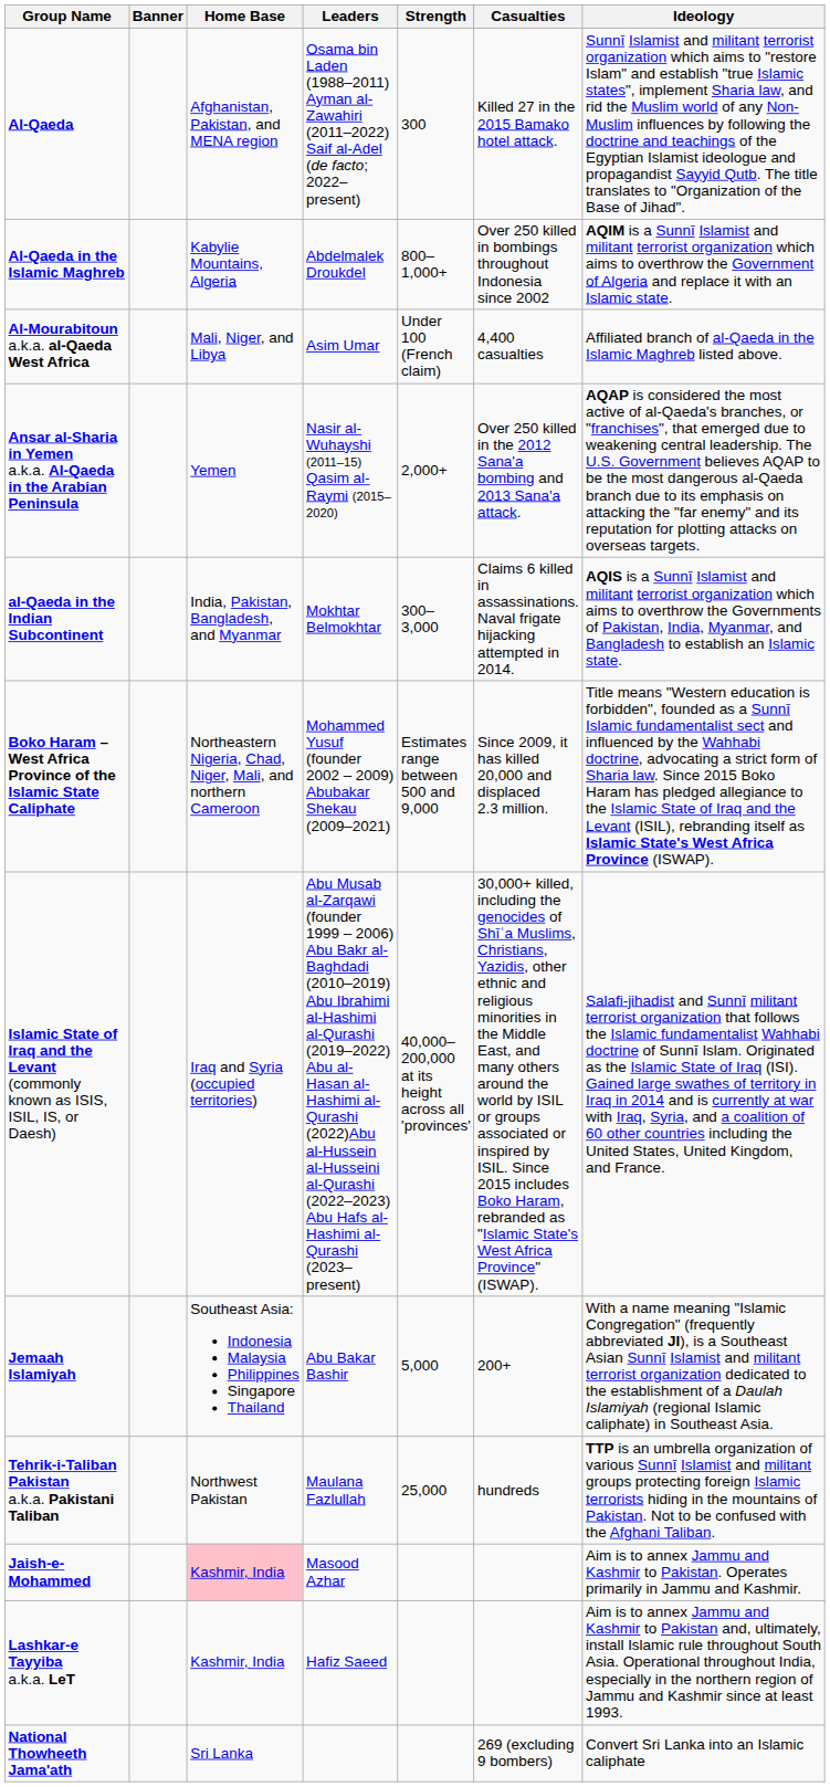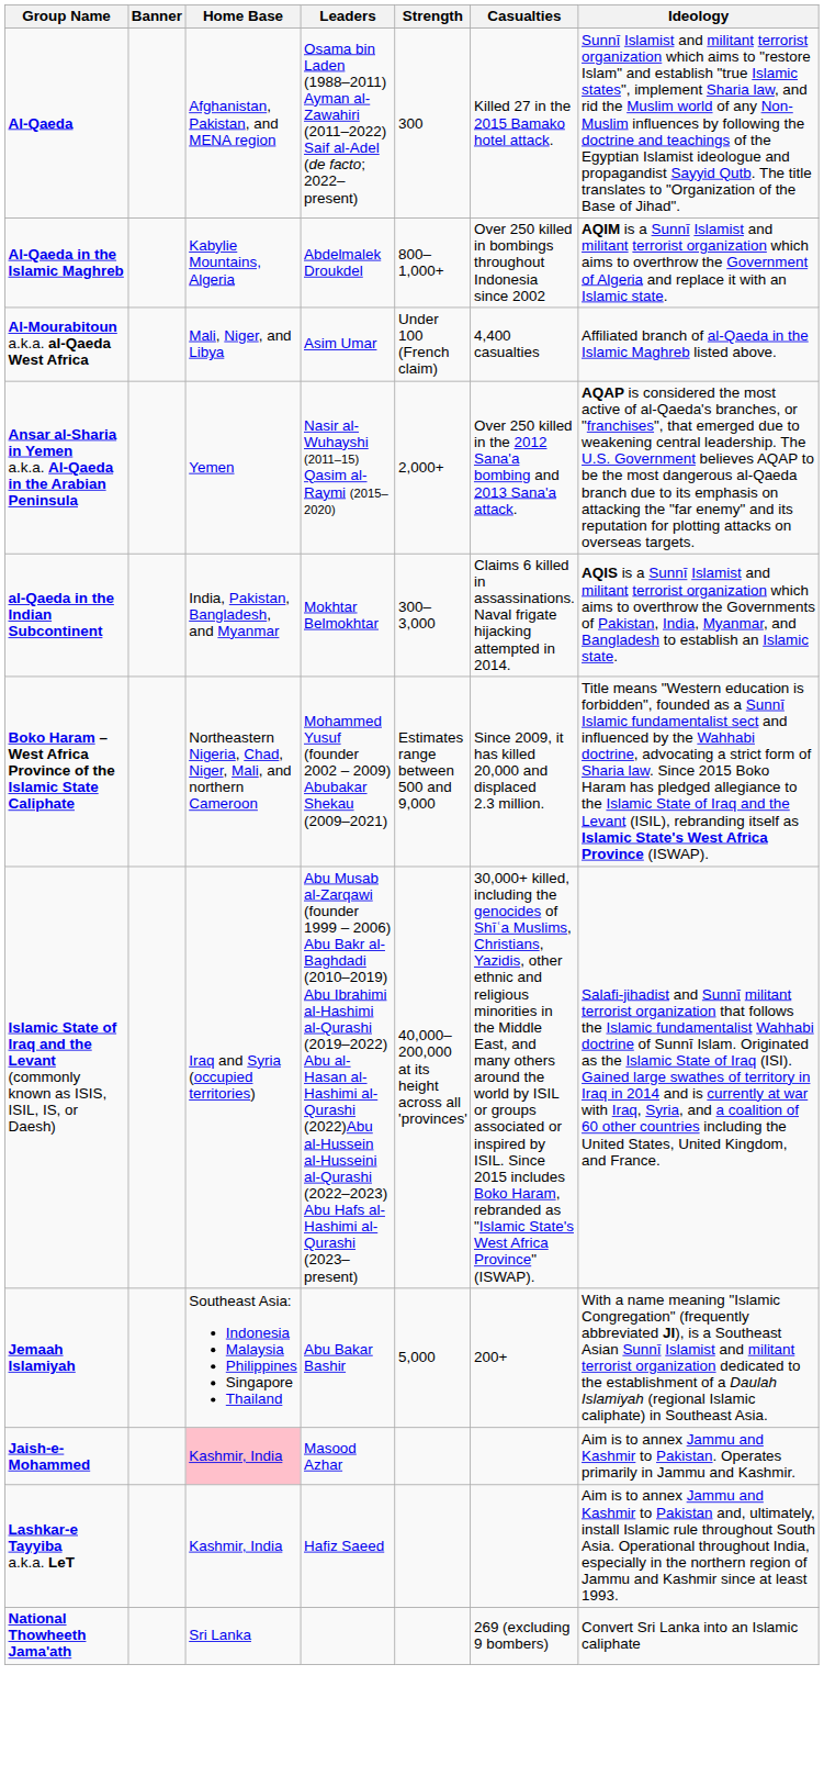 <table class="wikitable sortable" style="width:100%">
 <tr>
 <th style="width:16%;">Group Name</th>
 <th style="width:5%;">Banner</th>
 <th style="width:8%;">Home Base</th>
 <th style="width:12%;">Leaders</th>
 <th style="width:8%;">Strength</th>
 <th style="width:8%;">Casualties</th>
 <th style="width:35%;">Ideology</th>
 </tr>
 <tr>
 <td><strong><a href='#'>Al-Qaeda</a></strong></td>
 <td style="text-align:center;"></td>
 <td><a href='#'>Afghanistan</a>, <a href='#'>Pakistan</a>, and <a href='#'>MENA region</a></td>
 <td><a href='#'>Osama bin Laden</a> (1988–2011)<br><a href='#'>Ayman al-Zawahiri</a> (2011–2022)<br><a href='#'>Saif al-Adel</a> (<em>de facto</em>; 2022–present)</td>
 <td>300</td>
 <td>Killed 27 in the <a href='#'>2015 Bamako hotel attack</a>.</td>
 <td><a href='#'>Sunnī</a> <a href='#'>Islamist</a> and <a href='#'>militant</a> <a href='#'>terrorist organization</a> which aims to "restore Islam" and establish "true <a href='#'>Islamic states</a>", implement <a href='#'>Sharia law</a>, and rid the <a href='#'>Muslim world</a> of any <a href='#'>Non-Muslim</a> influences by following the <a href='#'>doctrine and teachings</a> of the Egyptian Islamist ideologue and propagandist <a href='#'>Sayyid Qutb</a>. The title translates to "Organization of the Base of Jihad".</td>
 </tr>
 <tr>
 <td><strong><a href='#'>Al-Qaeda in the Islamic Maghreb</a></strong></td>
 <td style="text-align:center;"></td>
 <td><a href='#'>Kabylie Mountains, Algeria</a></td>
 <td><a href='#'>Abdelmalek Droukdel</a></td>
 <td>800–1,000+</td>
 <td>Over 250 killed in bombings throughout Indonesia since 2002</td>
 <td><strong>AQIM</strong> is a <a href='#'>Sunnī</a> <a href='#'>Islamist</a> and <a href='#'>militant</a> <a href='#'>terrorist organization</a> which aims to overthrow the <a href='#'>Government of Algeria</a> and replace it with an <a href='#'>Islamic state</a>.</td>
 </tr>
 <tr>
 <td><strong><a href='#'>Al-Mourabitoun</a></strong><br>a.k.a. <strong>al-Qaeda West Africa</strong></td>
 <td style="text-align:center;"></td>
 <td><a href='#'>Mali</a>, <a href='#'>Niger</a>, and <a href='#'>Libya</a></td>
 <td><a href='#'>Asim Umar</a></td>
 <td>Under 100 (French claim)</td>
 <td>4,400 casualties</td>
 <td>Affiliated branch of <a href='#'>al-Qaeda in the Islamic Maghreb</a> listed above.</td>
 </tr>
 <tr>
 <td><strong><a href='#'>Ansar al-Sharia in Yemen</a></strong><br>a.k.a. <strong><a href='#'>Al-Qaeda in the Arabian Peninsula</a></strong></td>
 <td style="text-align:center;"></td>
 <td><a href='#'>Yemen</a></td>
 <td><a href='#'>Nasir al-Wuhayshi</a> <small>(2011–15)</small><br><a href='#'>Qasim al-Raymi</a> <small>(2015–2020)</small></td>
 <td>2,000+</td>
 <td>Over 250 killed in the <a href='#'>2012 Sana'a bombing</a> and <a href='#'>2013 Sana'a attack</a>.</td>
 <td><strong>AQAP</strong> is considered the most active of al-Qaeda's branches, or "<a href='#'>franchises</a>", that emerged due to weakening central leadership. The <a href='#'>U.S. Government</a> believes AQAP to be the most dangerous al-Qaeda branch due to its emphasis on attacking the "far enemy" and its reputation for plotting attacks on overseas targets.</td>
 </tr>
 <tr>
 <td><strong><a href='#'>al-Qaeda in the Indian Subcontinent</a></strong></td>
 <td style="text-align:center;"></td>
 <td>India, <a href='#'>Pakistan</a>, <a href='#'>Bangladesh</a>, and <a href='#'>Myanmar</a></td>
 <td><a href='#'>Mokhtar Belmokhtar</a></td>
 <td>300–3,000</td>
 <td>Claims 6 killed in assassinations. Naval frigate hijacking attempted in 2014.</td>
 <td><strong>AQIS</strong> is a <a href='#'>Sunnī</a> <a href='#'>Islamist</a> and <a href='#'>militant</a> <a href='#'>terrorist organization</a> which aims to overthrow the Governments of <a href='#'>Pakistan</a>, <a href='#'>India</a>, <a href='#'>Myanmar</a>, and <a href='#'>Bangladesh</a> to establish an <a href='#'>Islamic state</a>.</td>
 </tr>
 <tr>
 <td><strong><a href='#'>Boko Haram</a> – West Africa Province of the <a href='#'>Islamic State Caliphate</a></strong></td>
 <td style="text-align:center;"></td>
 <td>Northeastern <a href='#'>Nigeria</a>, <a href='#'>Chad</a>, <a href='#'>Niger</a>, <a href='#'>Mali</a>, and northern <a href='#'>Cameroon</a></td>
 <td><a href='#'>Mohammed Yusuf</a> (founder<br>2002 – 2009)<br><a href='#'>Abubakar Shekau</a> (2009–2021)</td>
 <td>Estimates range between 500 and 9,000</td>
 <td>Since 2009, it has killed 20,000 and displaced 2.3 million.</td>
 <td>Title means "Western education is forbidden", founded as a <a href='#'>Sunnī</a> <a href='#'>Islamic fundamentalist sect</a> and influenced by the <a href='#'>Wahhabi doctrine</a>, advocating a strict form of <a href='#'>Sharia law</a>. Since 2015 Boko Haram has pledged allegiance to the <a href='#'>Islamic State of Iraq and the Levant</a> (ISIL), rebranding itself as <strong><a href='#'>Islamic State's West Africa Province</a></strong> (ISWAP).</td>
 </tr>
 <tr>
 <td><strong><a href='#'>Islamic State of Iraq and the Levant</a></strong> (commonly known as ISIS, ISIL, IS, or Daesh)</td>
 <td style="text-align:center;"></td>
 <td><a href='#'>Iraq</a> and <a href='#'>Syria</a> (<a href='#'>occupied territories</a>)</td>
 <td><a href='#'>Abu Musab al-Zarqawi</a> (founder 1999 – 2006)<br><a href='#'>Abu Bakr al-Baghdadi</a> (2010–2019)<br><a href='#'>Abu Ibrahimi al-Hashimi al-Qurashi</a> (2019–2022)<br><a href='#'>Abu al-Hasan al-Hashimi al-Qurashi</a> (2022)<a href='#'>Abu al-Hussein al-Husseini al-Qurashi</a> (2022–2023) <a href='#'>Abu Hafs al-Hashimi al-Qurashi</a> (2023–present)</td>
 <td>40,000–200,000 at its height across all 'provinces'</td>
 <td>30,000+ killed, including the <a href='#'>genocides</a> of <a href='#'>Shīʿa Muslims</a>, <a href='#'>Christians</a>, <a href='#'>Yazidis</a>, other ethnic and religious minorities in the Middle East, and many others around the world by ISIL or groups associated or inspired by ISIL. Since 2015 includes <a href='#'>Boko Haram</a>, rebranded as "<a href='#'>Islamic State's West Africa Province</a>" (ISWAP).</td>
 <td><a href='#'>Salafi-jihadist</a> and <a href='#'>Sunnī</a> <a href='#'>militant</a> <a href='#'>terrorist organization</a> that follows the <a href='#'>Islamic fundamentalist</a> <a href='#'>Wahhabi doctrine</a> of Sunnī Islam. Originated as the <a href='#'>Islamic State of Iraq</a> (ISI). <a href='#'>Gained large swathes of territory in Iraq in 2014</a> and is <a href='#'>currently at war</a> with <a href='#'>Iraq</a>, <a href='#'>Syria</a>, and <a href='#'>a coalition of 60 other countries</a> including the United States, United Kingdom, and France.</td>
 </tr>
 <tr>
 <td><strong><a href='#'>Jemaah Islamiyah</a></strong></td>
 <td style="text-align:center;"></td>
 <td>Southeast Asia:<br><ul><li><a href='#'>Indonesia</a></li><li><a href='#'>Malaysia</a></li><li><a href='#'>Philippines</a></li><li>Singapore</li><li><a href='#'>Thailand</a></li></ul></td>
 <td><a href='#'>Abu Bakar Bashir</a></td>
 <td>5,000</td>
 <td>200+</td>
 <td>With a name meaning "Islamic Congregation" (frequently abbreviated <strong>JI</strong>), is a Southeast Asian <a href='#'>Sunnī</a> <a href='#'>Islamist</a> and <a href='#'>militant</a> <a href='#'>terrorist organization</a> dedicated to the establishment of a <em>Daulah Islamiyah</em> (regional Islamic caliphate) in Southeast Asia.</td>
 </tr>
 <tr>
-<td><strong><a href='#'>Tehrik-i-Taliban Pakistan</a></strong><br>a.k.a. <strong>Pakistani Taliban</strong></td>
-<td style="text-align:center;"></td>
-<td>Northwest Pakistan</td>
-<td><a href='#'>Maulana Fazlullah</a></td>
-<td>25,000</td>
-<td>hundreds</td>
-<td><strong>TTP</strong> is an umbrella organization of various <a href='#'>Sunnī</a> <a href='#'>Islamist</a> and <a href='#'>militant</a> groups protecting foreign <a href='#'>Islamic terrorists</a> hiding in the mountains of <a href='#'>Pakistan</a>. Not to be confused with the <a href='#'>Afghani Taliban</a>.</td>
-</tr>
-<tr>
 <td><strong><a href='#'>Jaish-e-Mohammed</a></strong></td>
 <td style="text-align:center;"></td>
 <td style="background: pink;"><a href='#'>Kashmir, India</a></td>
 <td><a href='#'>Masood Azhar</a></td>
 <td></td>
 <td></td>
 <td>Aim is to annex <a href='#'>Jammu and Kashmir</a> to <a href='#'>Pakistan</a>. Operates primarily in Jammu and Kashmir.</td>
 </tr>
 <tr>
 <td><strong><a href='#'>Lashkar-e Tayyiba</a></strong><br>a.k.a. <strong>LeT</strong></td>
 <td style="text-align:center;"></td>
 <td><a href='#'>Kashmir, India</a></td>
 <td><a href='#'>Hafiz Saeed</a></td>
 <td></td>
 <td></td>
 <td>Aim is to annex <a href='#'>Jammu and Kashmir</a> to <a href='#'>Pakistan</a> and, ultimately, install Islamic rule throughout South Asia. Operational throughout India, especially in the northern region of Jammu and Kashmir since at least 1993.</td>
 </tr>
 <tr>
 <td><strong><a href='#'>National Thowheeth Jama'ath</a></strong></td>
 <td style="text-align:center;"></td>
 <td><a href='#'>Sri Lanka</a></td>
 <td></td>
 <td></td>
 <td>269 (excluding 9 bombers)</td>
 <td>Convert Sri Lanka into an Islamic caliphate</td>
 </tr>
 </table>
